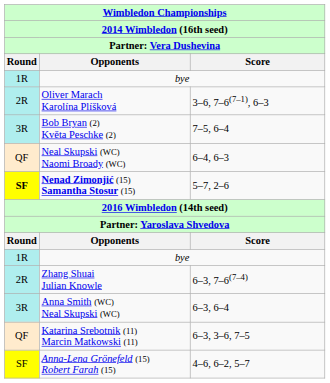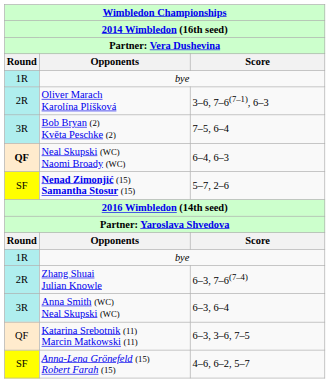 <table class="wikitable">
 <tr>
 <th colspan=3 style="background:#cfc;"><a href='#'>Wimbledon Championships</a></th>
 </tr>
 <tr>
 <th colspan=3 style="background:#cfc;"><a href='#'>2014 Wimbledon</a> (16th seed)</th>
 </tr>
 <tr>
 <th colspan=3 style="background:#cfc;">Partner:  <a href='#'>Vera Dushevina</a></th>
 </tr>
 <tr>
 <th>Round</th>
 <th width=225>Opponents</th>
 <th width=200>Score</th>
 </tr>
 <tr>
 <td style="text-align:center; background:#afeeee;">1R</td>
 <td colspan=2; align=center><em>bye</em></td>
 </tr>
 <tr>
 <td style="text-align:center; background:#afeeee;">2R</td>
 <td> <a href='#'>Oliver Marach</a><br> <a href='#'>Karolína Plíšková</a></td>
 <td>3–6, 7–6<sup>(7–1)</sup>, 6–3</td>
 </tr>
 <tr>
 <td style="text-align:center; background:#afeeee;">3R</td>
 <td> <a href='#'>Bob Bryan</a> <small>(2)</small><br> <a href='#'>Květa Peschke</a> <small>(2)</small></td>
 <td>7–5, 6–4</td>
 </tr>
 <tr>
-<td style="text-align:center; background:#ffebcd;">QF</td>
+<td style="text-align:center; background:#ffebcd;"><strong>QF</strong></td>
 <td> <a href='#'>Neal Skupski</a> <small>(WC)</small><br> <a href='#'>Naomi Broady</a> <small>(WC)</small></td>
 <td>6–4, 6–3</td>
 </tr>
 <tr>
-<td style="text-align:center; background:yellow;"><strong>SF</strong></td>
+<td style="text-align:center; background:yellow;">SF</td>
 <td> <strong><a href='#'>Nenad Zimonjić</a></strong> <small>(15)</small><br> <strong><a href='#'>Samantha Stosur</a></strong>  <small>(15)</small></td>
 <td>5–7, 2–6</td>
 </tr>
 <tr>
 <th colspan=3 style="background:#cfc;"><a href='#'>2016 Wimbledon</a> (14th seed)</th>
 </tr>
 <tr>
 <th colspan=3 style="background:#cfc;">Partner:  <a href='#'>Yaroslava Shvedova</a></th>
 </tr>
 <tr>
 <th>Round</th>
 <th width=225>Opponents</th>
 <th width=200>Score</th>
 </tr>
 <tr>
 <td style="text-align:center; background:#afeeee;">1R</td>
 <td colspan=2; align=center><em>bye</em></td>
 </tr>
 <tr>
 <td style="text-align:center; background:#afeeee;">2R</td>
 <td> <a href='#'>Zhang Shuai</a><br> <a href='#'>Julian Knowle</a></td>
 <td>6–3, 7–6<sup>(7–4)</sup></td>
 </tr>
 <tr>
 <td style="text-align:center; background:#afeeee;">3R</td>
 <td> <a href='#'>Anna Smith</a> <small>(WC)</small><br> <a href='#'>Neal Skupski</a> <small>(WC)</small></td>
 <td>6–3, 6–4</td>
 </tr>
 <tr>
 <td style="text-align:center; background:#ffebcd;">QF</td>
 <td> <a href='#'>Katarina Srebotnik</a> <small>(11)</small><br> <a href='#'>Marcin Matkowski</a> <small>(11)</small></td>
 <td>6–3, 3–6, 7–5</td>
 </tr>
 <tr>
 <td style="text-align:center; background:yellow;">SF</td>
 <td> <em><a href='#'>Anna-Lena Grönefeld</a></em> <small>(15)</small><br> <em><a href='#'>Robert Farah</a></em> <small>(15)</small></td>
 <td>4–6, 6–2, 5–7</td>
 </tr>
 </table>
